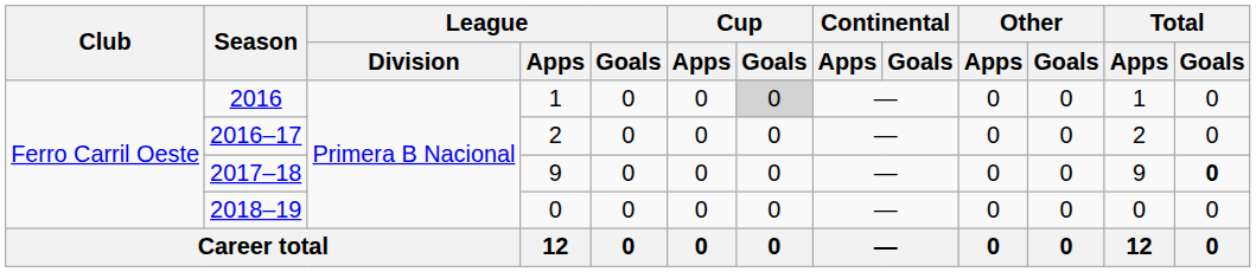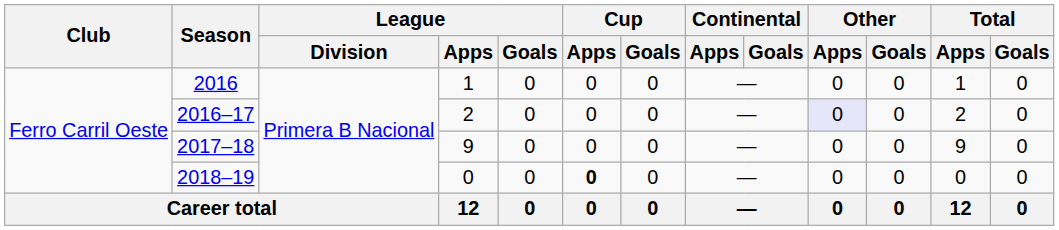 <table class="wikitable" style="text-align:center">
 <tr>
 <th rowspan="2">Club</th>
 <th rowspan="2">Season</th>
 <th colspan="3">League</th>
 <th colspan="2">Cup</th>
 <th colspan="2">Continental</th>
 <th colspan="2">Other</th>
 <th colspan="2">Total</th>
 </tr>
 <tr>
 <th>Division</th>
 <th>Apps</th>
 <th>Goals</th>
 <th>Apps</th>
 <th>Goals</th>
 <th>Apps</th>
 <th>Goals</th>
 <th>Apps</th>
 <th>Goals</th>
 <th>Apps</th>
 <th>Goals</th>
 </tr>
 <tr>
 <td rowspan="4"><a href='#'>Ferro Carril Oeste</a></td>
 <td><a href='#'>2016</a></td>
 <td rowspan="4"><a href='#'>Primera B Nacional</a></td>
 <td>1</td>
 <td>0</td>
 <td>0</td>
-<td style="background: lightgrey;">0</td>
+<td>0</td>
 <td colspan="2">—</td>
 <td>0</td>
 <td>0</td>
 <td>1</td>
 <td>0</td>
 </tr>
 <tr>
 <td><a href='#'>2016–17</a></td>
 <td>2</td>
 <td>0</td>
 <td>0</td>
 <td>0</td>
 <td colspan="2">—</td>
-<td>0</td>
+<td style="background: lavender;">0</td>
 <td>0</td>
 <td>2</td>
 <td>0</td>
 </tr>
 <tr>
 <td><a href='#'>2017–18</a></td>
 <td>9</td>
 <td>0</td>
 <td>0</td>
 <td>0</td>
 <td colspan="2">—</td>
 <td>0</td>
 <td>0</td>
 <td>9</td>
-<td><strong>0</strong></td>
+<td>0</td>
 </tr>
 <tr>
 <td><a href='#'>2018–19</a></td>
 <td>0</td>
 <td>0</td>
-<td>0</td>
+<td><strong>0</strong></td>
 <td>0</td>
 <td colspan="2">—</td>
 <td>0</td>
 <td>0</td>
 <td>0</td>
 <td>0</td>
 </tr>
 <tr>
 <th colspan="3">Career total</th>
 <th>12</th>
 <th>0</th>
 <th>0</th>
 <th>0</th>
 <th colspan="2">—</th>
 <th>0</th>
 <th>0</th>
 <th>12</th>
 <th>0</th>
 </tr>
 </table>
